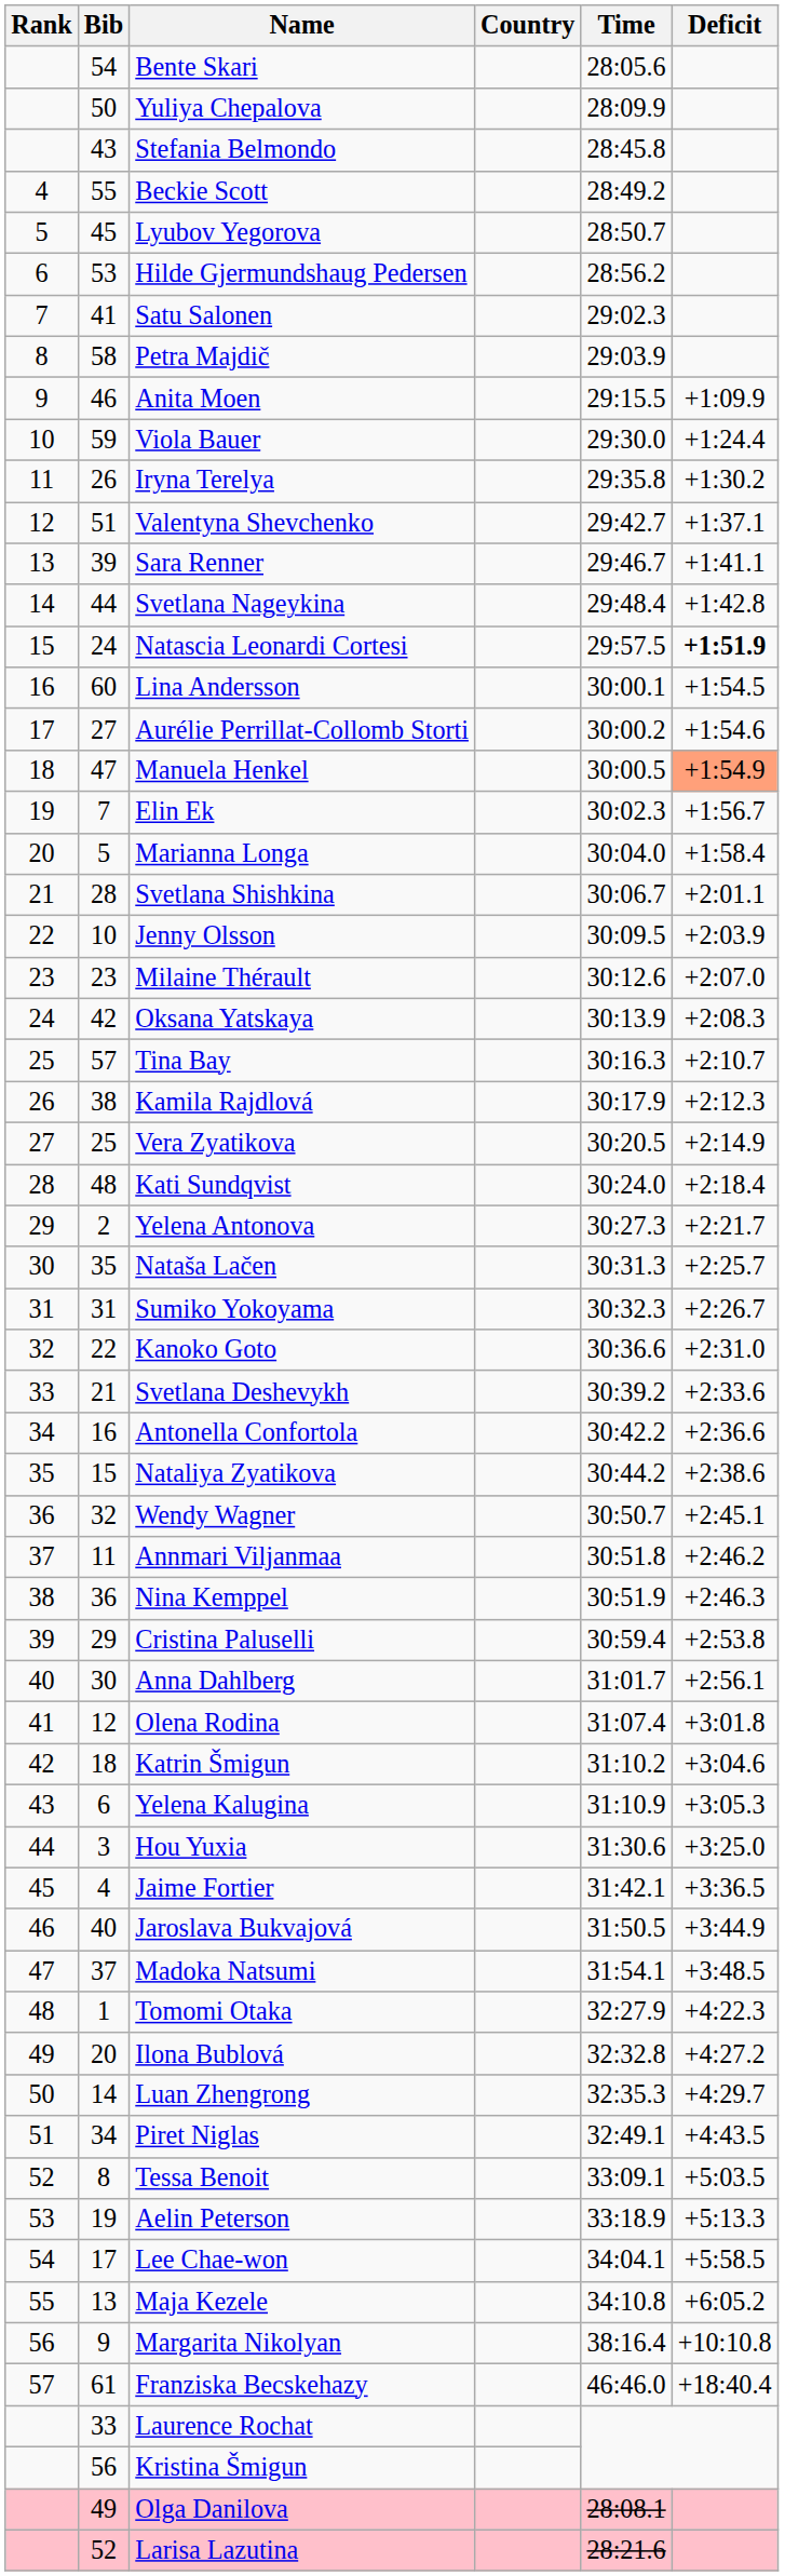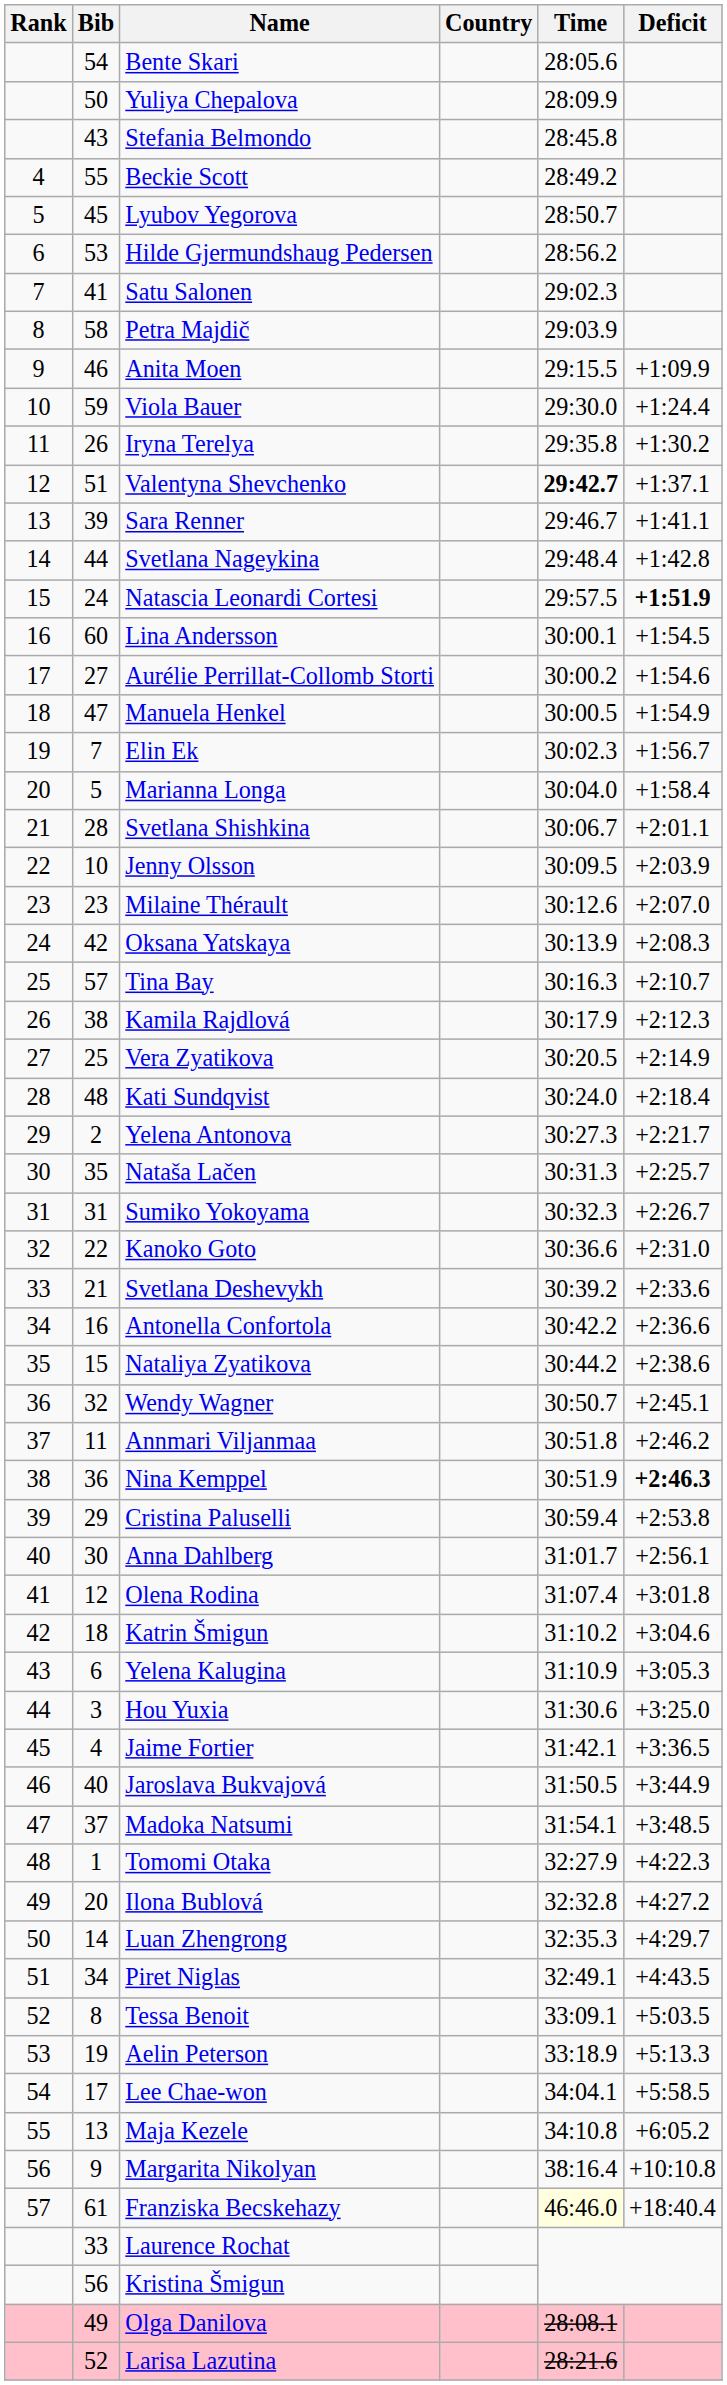 <table class="wikitable sortable" style="text-align:center">
 <tr>
 <th>Rank</th>
 <th>Bib</th>
 <th>Name</th>
 <th>Country</th>
 <th>Time</th>
 <th>Deficit</th>
 </tr>
 <tr>
 <td></td>
 <td>54</td>
 <td align=left><a href='#'>Bente Skari</a></td>
 <td align=left></td>
 <td>28:05.6</td>
 <td></td>
 </tr>
 <tr>
 <td></td>
 <td>50</td>
 <td align=left><a href='#'>Yuliya Chepalova</a></td>
 <td align=left></td>
 <td>28:09.9</td>
 <td></td>
 </tr>
 <tr>
 <td></td>
 <td>43</td>
 <td align=left><a href='#'>Stefania Belmondo</a></td>
 <td align=left></td>
 <td>28:45.8</td>
 <td></td>
 </tr>
 <tr>
 <td>4</td>
 <td>55</td>
 <td align=left><a href='#'>Beckie Scott</a></td>
 <td align=left></td>
 <td>28:49.2</td>
 <td></td>
 </tr>
 <tr>
 <td>5</td>
 <td>45</td>
 <td align=left><a href='#'>Lyubov Yegorova</a></td>
 <td align=left></td>
 <td>28:50.7</td>
 <td></td>
 </tr>
 <tr>
 <td>6</td>
 <td>53</td>
 <td align=left><a href='#'>Hilde Gjermundshaug Pedersen</a></td>
 <td align=left></td>
 <td>28:56.2</td>
 <td></td>
 </tr>
 <tr>
 <td>7</td>
 <td>41</td>
 <td align=left><a href='#'>Satu Salonen</a></td>
 <td align=left></td>
 <td>29:02.3</td>
 <td></td>
 </tr>
 <tr>
 <td>8</td>
 <td>58</td>
 <td align=left><a href='#'>Petra Majdič</a></td>
 <td align=left></td>
 <td>29:03.9</td>
 <td></td>
 </tr>
 <tr>
 <td>9</td>
 <td>46</td>
 <td align=left><a href='#'>Anita Moen</a></td>
 <td align=left></td>
 <td>29:15.5</td>
 <td>+1:09.9</td>
 </tr>
 <tr>
 <td>10</td>
 <td>59</td>
 <td align=left><a href='#'>Viola Bauer</a></td>
 <td align=left></td>
 <td>29:30.0</td>
 <td>+1:24.4</td>
 </tr>
 <tr>
 <td>11</td>
 <td>26</td>
 <td align=left><a href='#'>Iryna Terelya</a></td>
 <td align=left></td>
 <td>29:35.8</td>
 <td>+1:30.2</td>
 </tr>
 <tr>
 <td>12</td>
 <td>51</td>
 <td align=left><a href='#'>Valentyna Shevchenko</a></td>
 <td align=left></td>
-<td>29:42.7</td>
+<td><strong>29:42.7</strong></td>
 <td>+1:37.1</td>
 </tr>
 <tr>
 <td>13</td>
 <td>39</td>
 <td align=left><a href='#'>Sara Renner</a></td>
 <td align=left></td>
 <td>29:46.7</td>
 <td>+1:41.1</td>
 </tr>
 <tr>
 <td>14</td>
 <td>44</td>
 <td align=left><a href='#'>Svetlana Nageykina</a></td>
 <td align=left></td>
 <td>29:48.4</td>
 <td>+1:42.8</td>
 </tr>
 <tr>
 <td>15</td>
 <td>24</td>
 <td align=left><a href='#'>Natascia Leonardi Cortesi</a></td>
 <td align=left></td>
 <td>29:57.5</td>
 <td><strong>+1:51.9</strong></td>
 </tr>
 <tr>
 <td>16</td>
 <td>60</td>
 <td align=left><a href='#'>Lina Andersson</a></td>
 <td align=left></td>
 <td>30:00.1</td>
 <td>+1:54.5</td>
 </tr>
 <tr>
 <td>17</td>
 <td>27</td>
 <td align=left><a href='#'>Aurélie Perrillat-Collomb Storti</a></td>
 <td align=left></td>
 <td>30:00.2</td>
 <td>+1:54.6</td>
 </tr>
 <tr>
 <td>18</td>
 <td>47</td>
 <td align=left><a href='#'>Manuela Henkel</a></td>
 <td align=left></td>
 <td>30:00.5</td>
-<td style="background: lightsalmon;">+1:54.9</td>
+<td>+1:54.9</td>
 </tr>
 <tr>
 <td>19</td>
 <td>7</td>
 <td align=left><a href='#'>Elin Ek</a></td>
 <td align=left></td>
 <td>30:02.3</td>
 <td>+1:56.7</td>
 </tr>
 <tr>
 <td>20</td>
 <td>5</td>
 <td align=left><a href='#'>Marianna Longa</a></td>
 <td align=left></td>
 <td>30:04.0</td>
 <td>+1:58.4</td>
 </tr>
 <tr>
 <td>21</td>
 <td>28</td>
 <td align=left><a href='#'>Svetlana Shishkina</a></td>
 <td align=left></td>
 <td>30:06.7</td>
 <td>+2:01.1</td>
 </tr>
 <tr>
 <td>22</td>
 <td>10</td>
 <td align=left><a href='#'>Jenny Olsson</a></td>
 <td align=left></td>
 <td>30:09.5</td>
 <td>+2:03.9</td>
 </tr>
 <tr>
 <td>23</td>
 <td>23</td>
 <td align=left><a href='#'>Milaine Thérault</a></td>
 <td align=left></td>
 <td>30:12.6</td>
 <td>+2:07.0</td>
 </tr>
 <tr>
 <td>24</td>
 <td>42</td>
 <td align=left><a href='#'>Oksana Yatskaya</a></td>
 <td align=left></td>
 <td>30:13.9</td>
 <td>+2:08.3</td>
 </tr>
 <tr>
 <td>25</td>
 <td>57</td>
 <td align=left><a href='#'>Tina Bay</a></td>
 <td align=left></td>
 <td>30:16.3</td>
 <td>+2:10.7</td>
 </tr>
 <tr>
 <td>26</td>
 <td>38</td>
 <td align=left><a href='#'>Kamila Rajdlová</a></td>
 <td align=left></td>
 <td>30:17.9</td>
 <td>+2:12.3</td>
 </tr>
 <tr>
 <td>27</td>
 <td>25</td>
 <td align=left><a href='#'>Vera Zyatikova</a></td>
 <td align=left></td>
 <td>30:20.5</td>
 <td>+2:14.9</td>
 </tr>
 <tr>
 <td>28</td>
 <td>48</td>
 <td align=left><a href='#'>Kati Sundqvist</a></td>
 <td align=left></td>
 <td>30:24.0</td>
 <td>+2:18.4</td>
 </tr>
 <tr>
 <td>29</td>
 <td>2</td>
 <td align=left><a href='#'>Yelena Antonova</a></td>
 <td align=left></td>
 <td>30:27.3</td>
 <td>+2:21.7</td>
 </tr>
 <tr>
 <td>30</td>
 <td>35</td>
 <td align=left><a href='#'>Nataša Lačen</a></td>
 <td align=left></td>
 <td>30:31.3</td>
 <td>+2:25.7</td>
 </tr>
 <tr>
 <td>31</td>
 <td>31</td>
 <td align=left><a href='#'>Sumiko Yokoyama</a></td>
 <td align=left></td>
 <td>30:32.3</td>
 <td>+2:26.7</td>
 </tr>
 <tr>
 <td>32</td>
 <td>22</td>
 <td align=left><a href='#'>Kanoko Goto</a></td>
 <td align=left></td>
 <td>30:36.6</td>
 <td>+2:31.0</td>
 </tr>
 <tr>
 <td>33</td>
 <td>21</td>
 <td align=left><a href='#'>Svetlana Deshevykh</a></td>
 <td align=left></td>
 <td>30:39.2</td>
 <td>+2:33.6</td>
 </tr>
 <tr>
 <td>34</td>
 <td>16</td>
 <td align=left><a href='#'>Antonella Confortola</a></td>
 <td align=left></td>
 <td>30:42.2</td>
 <td>+2:36.6</td>
 </tr>
 <tr>
 <td>35</td>
 <td>15</td>
 <td align=left><a href='#'>Nataliya Zyatikova</a></td>
 <td align=left></td>
 <td>30:44.2</td>
 <td>+2:38.6</td>
 </tr>
 <tr>
 <td>36</td>
 <td>32</td>
 <td align=left><a href='#'>Wendy Wagner</a></td>
 <td align=left></td>
 <td>30:50.7</td>
 <td>+2:45.1</td>
 </tr>
 <tr>
 <td>37</td>
 <td>11</td>
 <td align=left><a href='#'>Annmari Viljanmaa</a></td>
 <td align=left></td>
 <td>30:51.8</td>
 <td>+2:46.2</td>
 </tr>
 <tr>
 <td>38</td>
 <td>36</td>
 <td align=left><a href='#'>Nina Kemppel</a></td>
 <td align=left></td>
 <td>30:51.9</td>
-<td>+2:46.3</td>
+<td><strong>+2:46.3</strong></td>
 </tr>
 <tr>
 <td>39</td>
 <td>29</td>
 <td align=left><a href='#'>Cristina Paluselli</a></td>
 <td align=left></td>
 <td>30:59.4</td>
 <td>+2:53.8</td>
 </tr>
 <tr>
 <td>40</td>
 <td>30</td>
 <td align=left><a href='#'>Anna Dahlberg</a></td>
 <td align=left></td>
 <td>31:01.7</td>
 <td>+2:56.1</td>
 </tr>
 <tr>
 <td>41</td>
 <td>12</td>
 <td align=left><a href='#'>Olena Rodina</a></td>
 <td align=left></td>
 <td>31:07.4</td>
 <td>+3:01.8</td>
 </tr>
 <tr>
 <td>42</td>
 <td>18</td>
 <td align=left><a href='#'>Katrin Šmigun</a></td>
 <td align=left></td>
 <td>31:10.2</td>
 <td>+3:04.6</td>
 </tr>
 <tr>
 <td>43</td>
 <td>6</td>
 <td align=left><a href='#'>Yelena Kalugina</a></td>
 <td align=left></td>
 <td>31:10.9</td>
 <td>+3:05.3</td>
 </tr>
 <tr>
 <td>44</td>
 <td>3</td>
 <td align=left><a href='#'>Hou Yuxia</a></td>
 <td align=left></td>
 <td>31:30.6</td>
 <td>+3:25.0</td>
 </tr>
 <tr>
 <td>45</td>
 <td>4</td>
 <td align=left><a href='#'>Jaime Fortier</a></td>
 <td align=left></td>
 <td>31:42.1</td>
 <td>+3:36.5</td>
 </tr>
 <tr>
 <td>46</td>
 <td>40</td>
 <td align=left><a href='#'>Jaroslava Bukvajová</a></td>
 <td align=left></td>
 <td>31:50.5</td>
 <td>+3:44.9</td>
 </tr>
 <tr>
 <td>47</td>
 <td>37</td>
 <td align=left><a href='#'>Madoka Natsumi</a></td>
 <td align=left></td>
 <td>31:54.1</td>
 <td>+3:48.5</td>
 </tr>
 <tr>
 <td>48</td>
 <td>1</td>
 <td align=left><a href='#'>Tomomi Otaka</a></td>
 <td align=left></td>
 <td>32:27.9</td>
 <td>+4:22.3</td>
 </tr>
 <tr>
 <td>49</td>
 <td>20</td>
 <td align=left><a href='#'>Ilona Bublová</a></td>
 <td align=left></td>
 <td>32:32.8</td>
 <td>+4:27.2</td>
 </tr>
 <tr>
 <td>50</td>
 <td>14</td>
 <td align=left><a href='#'>Luan Zhengrong</a></td>
 <td align=left></td>
 <td>32:35.3</td>
 <td>+4:29.7</td>
 </tr>
 <tr>
 <td>51</td>
 <td>34</td>
 <td align=left><a href='#'>Piret Niglas</a></td>
 <td align=left></td>
 <td>32:49.1</td>
 <td>+4:43.5</td>
 </tr>
 <tr>
 <td>52</td>
 <td>8</td>
 <td align=left><a href='#'>Tessa Benoit</a></td>
 <td align=left></td>
 <td>33:09.1</td>
 <td>+5:03.5</td>
 </tr>
 <tr>
 <td>53</td>
 <td>19</td>
 <td align=left><a href='#'>Aelin Peterson</a></td>
 <td align=left></td>
 <td>33:18.9</td>
 <td>+5:13.3</td>
 </tr>
 <tr>
 <td>54</td>
 <td>17</td>
 <td align=left><a href='#'>Lee Chae-won</a></td>
 <td align=left></td>
 <td>34:04.1</td>
 <td>+5:58.5</td>
 </tr>
 <tr>
 <td>55</td>
 <td>13</td>
 <td align=left><a href='#'>Maja Kezele</a></td>
 <td align=left></td>
 <td>34:10.8</td>
 <td>+6:05.2</td>
 </tr>
 <tr>
 <td>56</td>
 <td>9</td>
 <td align=left><a href='#'>Margarita Nikolyan</a></td>
 <td align=left></td>
 <td>38:16.4</td>
 <td>+10:10.8</td>
 </tr>
 <tr>
 <td>57</td>
 <td>61</td>
 <td align=left><a href='#'>Franziska Becskehazy</a></td>
 <td align=left></td>
-<td>46:46.0</td>
+<td style="background: lightyellow;">46:46.0</td>
 <td>+18:40.4</td>
 </tr>
 <tr>
 <td></td>
 <td>33</td>
 <td align=left><a href='#'>Laurence Rochat</a></td>
 <td align=left></td>
 <td colspan=2 rowspan=2></td>
 </tr>
 <tr>
 <td></td>
 <td>56</td>
 <td align=left><a href='#'>Kristina Šmigun</a></td>
 <td align=left></td>
 </tr>
 <tr bgcolor=pink>
 <td></td>
 <td>49</td>
 <td align=left><a href='#'>Olga Danilova</a></td>
 <td align=left></td>
 <td><s>28:08.1</s></td>
 <td><s></s></td>
 </tr>
 <tr bgcolor=pink>
 <td></td>
 <td>52</td>
 <td align=left><a href='#'>Larisa Lazutina</a></td>
 <td align=left></td>
 <td><s>28:21.6</s></td>
 <td><s></s></td>
 </tr>
 </table>
